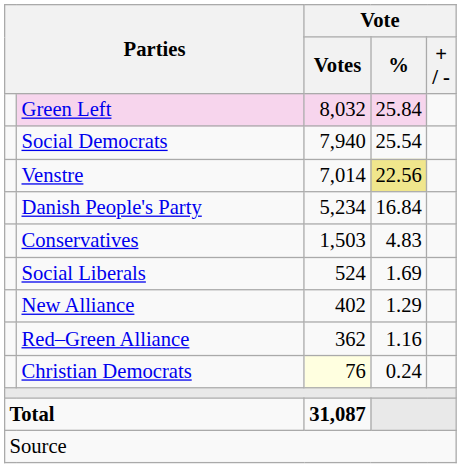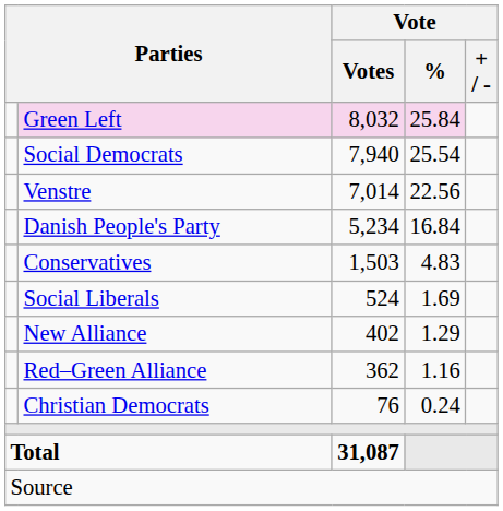 <table class="wikitable" style="text-align:right;">
 <tr>
 <th style="text-align:centre;" rowspan="2" colspan="2" width="225">Parties</th>
 <th colspan="3">Vote</th>
 </tr>
 <tr>
 <th width="15">Votes</th>
 <th width="15">%</th>
 <th width="15">+ / -</th>
 </tr>
 <tr>
 <td width="2" style="color:inherit;background:"></td>
 <td bgcolor=#f7d5ed  align="left"><a href='#'>Green Left</a></td>
 <td bgcolor=#f7d5ed>8,032</td>
 <td bgcolor=#f7d5ed>25.84</td>
 <td></td>
 </tr>
 <tr>
 <td width="2" style="color:inherit;background:"></td>
 <td align="left"><a href='#'>Social Democrats</a></td>
 <td>7,940</td>
 <td>25.54</td>
 <td></td>
 </tr>
 <tr>
 <td width="2" style="color:inherit;background:"></td>
 <td align="left"><a href='#'>Venstre</a></td>
 <td>7,014</td>
-<td style="background: khaki;">22.56</td>
+<td>22.56</td>
 <td></td>
 </tr>
 <tr>
 <td width="2" style="color:inherit;background:"></td>
 <td align="left"><a href='#'>Danish People's Party</a></td>
 <td>5,234</td>
 <td>16.84</td>
 <td></td>
 </tr>
 <tr>
 <td width="2" style="color:inherit;background:"></td>
 <td align="left"><a href='#'>Conservatives</a></td>
 <td>1,503</td>
 <td>4.83</td>
 <td></td>
 </tr>
 <tr>
 <td width="2" style="color:inherit;background:"></td>
 <td align="left"><a href='#'>Social Liberals</a></td>
 <td>524</td>
 <td>1.69</td>
 <td></td>
 </tr>
 <tr>
 <td width="2" style="color:inherit;background:"></td>
 <td align="left"><a href='#'>New Alliance</a></td>
 <td>402</td>
 <td>1.29</td>
 <td></td>
 </tr>
 <tr>
 <td width="2" style="color:inherit;background:"></td>
 <td align="left"><a href='#'>Red–Green Alliance</a></td>
 <td>362</td>
 <td>1.16</td>
 <td></td>
 </tr>
 <tr>
 <td width="2" style="color:inherit;background:"></td>
 <td align="left"><a href='#'>Christian Democrats</a></td>
-<td style="background: lightyellow;">76</td>
+<td>76</td>
 <td>0.24</td>
 <td></td>
 </tr>
 <tr>
 <td colspan="7" bgcolor="#E9E9E9"></td>
 </tr>
 <tr>
 <td align="left" colspan="2"><strong>Total</strong></td>
 <td><strong>31,087</strong></td>
 <td bgcolor="#E9E9E9" colspan="2"></td>
 </tr>
 <tr>
 <td align="left" colspan="6">Source</td>
 </tr>
 </table>
